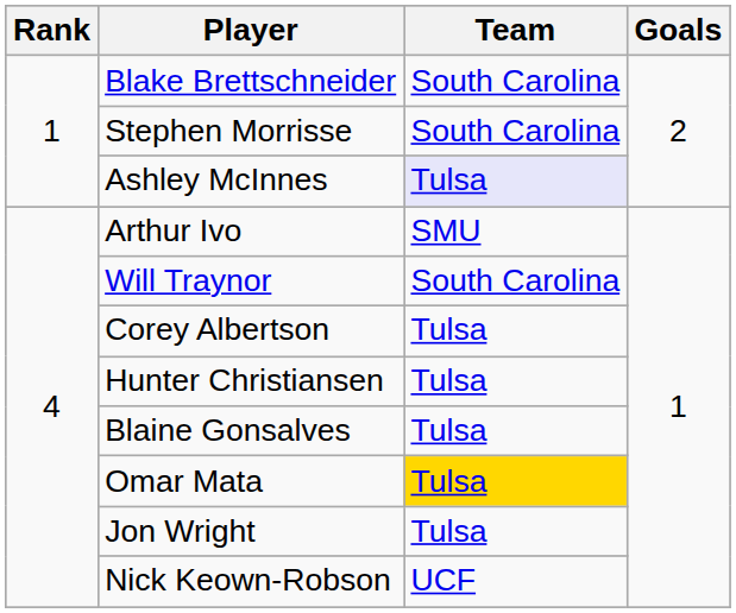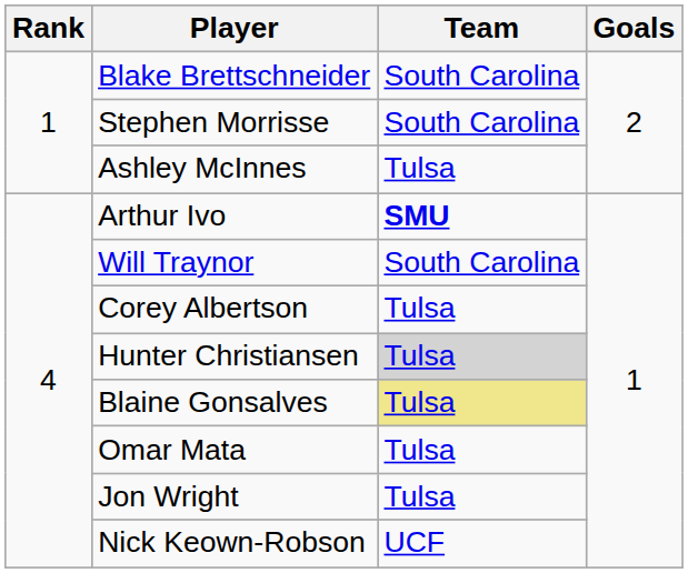 <table class="wikitable" style="text-align:center">
 <tr>
 <th>Rank</th>
 <th>Player</th>
 <th>Team</th>
 <th>Goals</th>
 </tr>
 <tr>
 <td rowspan=3>1</td>
 <td align=left><a href='#'>Blake Brettschneider</a></td>
 <td align=left><a href='#'>South Carolina</a></td>
 <td rowspan=3>2</td>
 </tr>
 <tr>
 <td align=left>Stephen Morrisse</td>
 <td align=left><a href='#'>South Carolina</a></td>
 </tr>
 <tr>
 <td align=left>Ashley McInnes</td>
-<td align=left style="background: lavender;"><a href='#'>Tulsa</a></td>
+<td align=left><a href='#'>Tulsa</a></td>
 </tr>
 <tr>
 <td rowspan=9>4</td>
 <td align=left>Arthur Ivo</td>
-<td align=left><a href='#'>SMU</a></td>
+<td align=left><strong><a href='#'>SMU</a></strong></td>
 <td rowspan=9>1</td>
 </tr>
 <tr>
 <td align=left><a href='#'>Will Traynor</a></td>
 <td align=left><a href='#'>South Carolina</a></td>
 </tr>
 <tr>
 <td align=left>Corey Albertson</td>
 <td align=left><a href='#'>Tulsa</a></td>
 </tr>
 <tr>
 <td align=left>Hunter Christiansen</td>
-<td align=left><a href='#'>Tulsa</a></td>
+<td align=left style="background: lightgrey;"><a href='#'>Tulsa</a></td>
 </tr>
 <tr>
 <td align=left>Blaine Gonsalves</td>
-<td align=left><a href='#'>Tulsa</a></td>
+<td align=left style="background: khaki;"><a href='#'>Tulsa</a></td>
 </tr>
 <tr>
 <td align=left>Omar Mata</td>
-<td align=left style="background: gold;"><a href='#'>Tulsa</a></td>
+<td align=left><a href='#'>Tulsa</a></td>
 </tr>
 <tr>
 <td align=left>Jon Wright</td>
 <td align=left><a href='#'>Tulsa</a></td>
 </tr>
 <tr>
 <td align=left>Nick Keown-Robson</td>
 <td align=left><a href='#'>UCF</a></td>
 </tr>
 </table>
